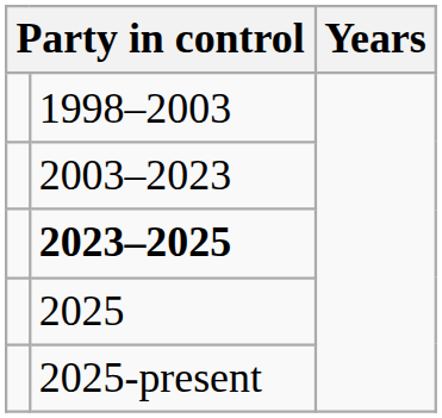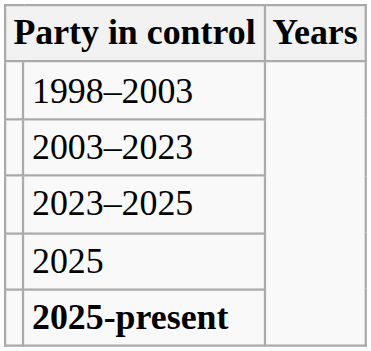 <table class="wikitable">
 <tr>
 <th colspan="2">Party in control</th>
 <th>Years</th>
 </tr>
 <tr>
 <td></td>
 <td>1998–2003</td>
 </tr>
 <tr>
 <td></td>
 <td>2003–2023</td>
 </tr>
 <tr>
 <td></td>
-<td><strong>2023–2025</strong></td>
+<td>2023–2025</td>
 </tr>
 <tr>
 <td></td>
 <td>2025</td>
 </tr>
 <tr>
 <td></td>
-<td>2025-present</td>
+<td><strong>2025-present</strong></td>
 </tr>
 </table>
